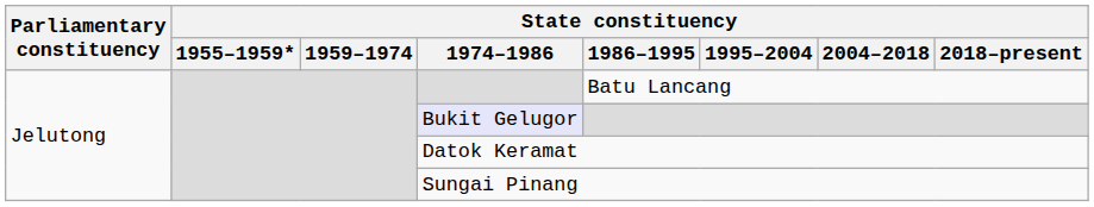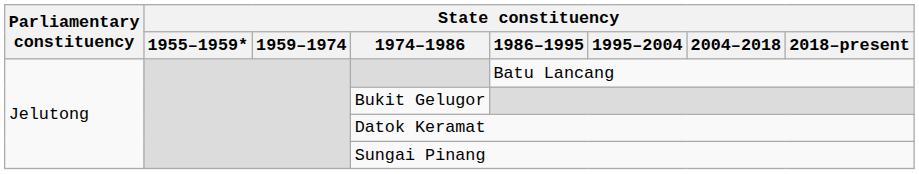 <table class="wikitable">
 <tr>
 <th rowspan="2">Parliamentary<br>constituency</th>
 <th colspan="7">State constituency</th>
 </tr>
 <tr>
 <th>1955–1959*</th>
 <th>1959–1974</th>
 <th>1974–1986</th>
 <th>1986–1995</th>
 <th>1995–2004</th>
 <th>2004–2018</th>
 <th>2018–present</th>
 </tr>
 <tr>
 <td rowspan="4">Jelutong</td>
 <td colspan="2" rowspan="4" bgcolor="dcdcdc"></td>
 <td bgcolor="dcdcdc"></td>
 <td colspan="4">Batu Lancang</td>
 </tr>
 <tr>
-<td style="background: lavender;">Bukit Gelugor</td>
+<td>Bukit Gelugor</td>
 <td colspan="4" bgcolor="dcdcdc"></td>
 </tr>
 <tr>
 <td colspan="5">Datok Keramat</td>
 </tr>
 <tr>
 <td colspan="5">Sungai Pinang</td>
 </tr>
 </table>
